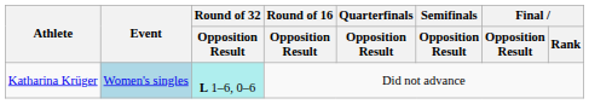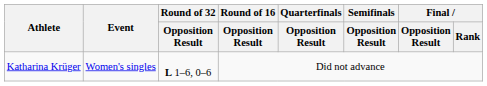 <table class=wikitable style="font-size:90%">
 <tr align=center>
 <th rowspan="2">Athlete</th>
 <th rowspan="2">Event</th>
 <th>Round of 32</th>
 <th>Round of 16</th>
 <th>Quarterfinals</th>
 <th>Semifinals</th>
 <th colspan="2">Final / </th>
 </tr>
 <tr>
 <th>Opposition<br>Result</th>
 <th>Opposition<br>Result</th>
 <th>Opposition<br>Result</th>
 <th>Opposition<br>Result</th>
 <th>Opposition<br>Result</th>
 <th>Rank</th>
 </tr>
 <tr align=center>
 <td align=left><a href='#'>Katharina Krüger</a></td>
-<td align=left style="background: lightblue;"><a href='#'>Women's singles</a></td>
-<td style="background: paleturquoise;"><br><strong>L</strong> 1–6, 0–6</td>
+<td align=left><a href='#'>Women's singles</a></td>
+<td><br><strong>L</strong> 1–6, 0–6</td>
 <td colspan=5>Did not advance</td>
 </tr>
 </table>
